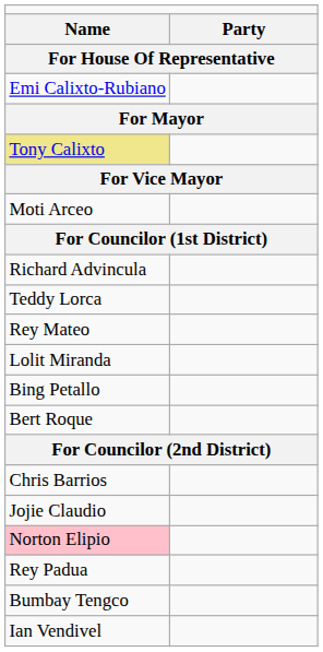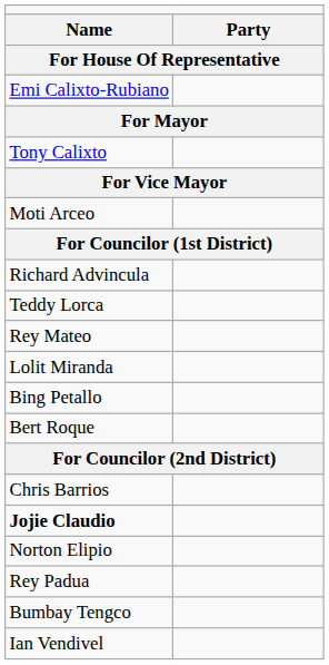 <table class=wikitable style="font-size:90%">
 <tr>
 <td colspan=5 bgcolor=></td>
 </tr>
 <tr>
 <th !width=150px>Name</th>
 <th colspan=2 width=110px>Party</th>
 </tr>
 <tr>
 <th colspan="3">For House Of Representative</th>
 </tr>
 <tr>
 <td><a href='#'>Emi Calixto-Rubiano</a></td>
 <td></td>
 </tr>
 <tr>
 <th colspan="3">For Mayor</th>
 </tr>
 <tr>
-<td style="background: khaki;"><a href='#'>Tony Calixto</a></td>
+<td><a href='#'>Tony Calixto</a></td>
 <td></td>
 </tr>
 <tr>
 <th colspan="3">For Vice Mayor</th>
 </tr>
 <tr>
 <td>Moti Arceo</td>
 <td></td>
 </tr>
 <tr>
 <th colspan="3">For Councilor (1st District)</th>
 </tr>
 <tr>
 <td>Richard Advincula</td>
 <td></td>
 </tr>
 <tr>
 <td>Teddy Lorca</td>
 <td></td>
 </tr>
 <tr>
 <td>Rey Mateo</td>
 <td></td>
 </tr>
 <tr>
 <td>Lolit Miranda</td>
 <td></td>
 </tr>
 <tr>
 <td>Bing Petallo</td>
 <td></td>
 </tr>
 <tr>
 <td>Bert Roque</td>
 <td></td>
 </tr>
 <tr>
 <th colspan="3">For Councilor (2nd District)</th>
 </tr>
 <tr>
 <td>Chris Barrios</td>
 <td></td>
 </tr>
 <tr>
-<td>Jojie Claudio</td>
+<td><strong>Jojie Claudio</strong></td>
 <td></td>
 </tr>
 <tr>
-<td style="background: pink;">Norton Elipio</td>
+<td>Norton Elipio</td>
 <td></td>
 </tr>
 <tr>
 <td>Rey Padua</td>
 <td></td>
 </tr>
 <tr>
 <td>Bumbay Tengco</td>
 <td></td>
 </tr>
 <tr>
 <td>Ian Vendivel</td>
 <td></td>
 </tr>
 </table>
